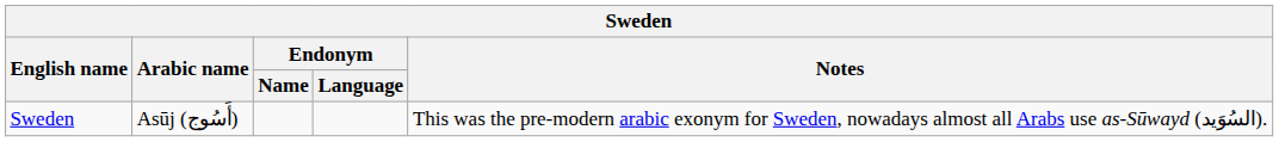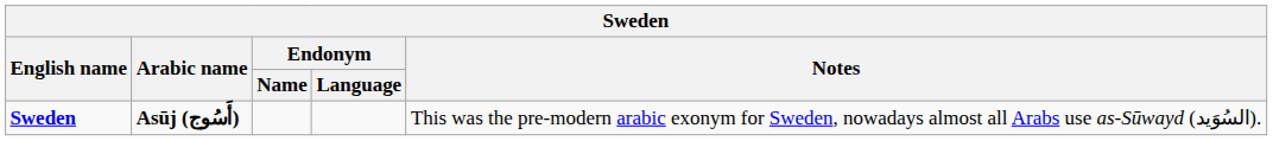 <table class="wikitable sortable">
 <tr>
 <th colspan="5">Sweden</th>
 </tr>
 <tr>
 <th rowspan="2">English name</th>
 <th rowspan="2">Arabic name</th>
 <th colspan="2">Endonym</th>
 <th rowspan="2">Notes</th>
 </tr>
 <tr>
 <th>Name</th>
 <th>Language</th>
 </tr>
 <tr>
-<td><a href='#'>Sweden</a></td>
-<td>Asūj (أَسُوج)</td>
+<td><strong><a href='#'>Sweden</a></strong></td>
+<td><strong>Asūj (أَسُوج)</strong></td>
 <td></td>
 <td></td>
 <td>This was the pre-modern <a href='#'>arabic</a> exonym for <a href='#'>Sweden</a>, nowadays almost all <a href='#'>Arabs</a> use <em>as-Sūwayd</em> (السُوَيد).</td>
 </tr>
 </table>
